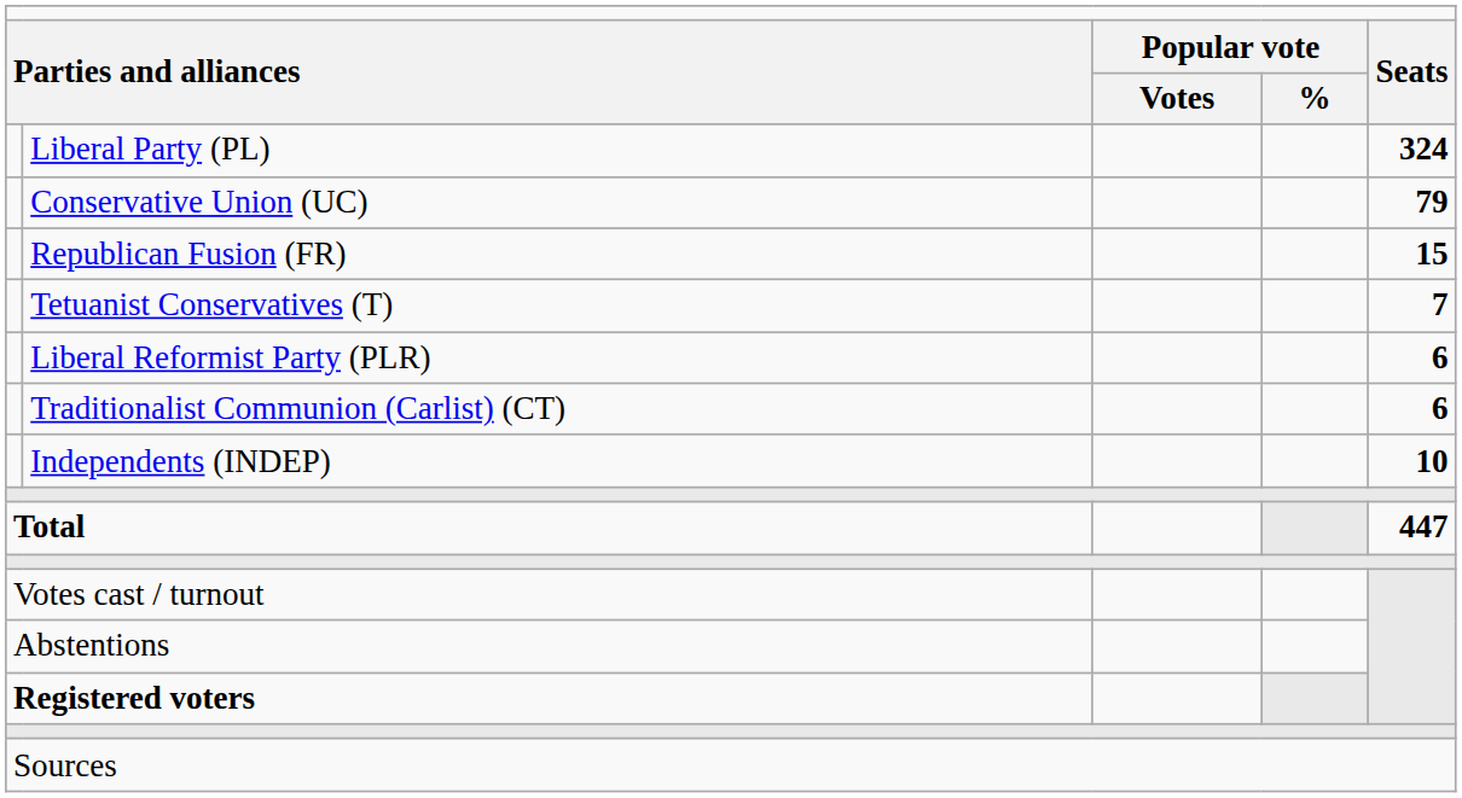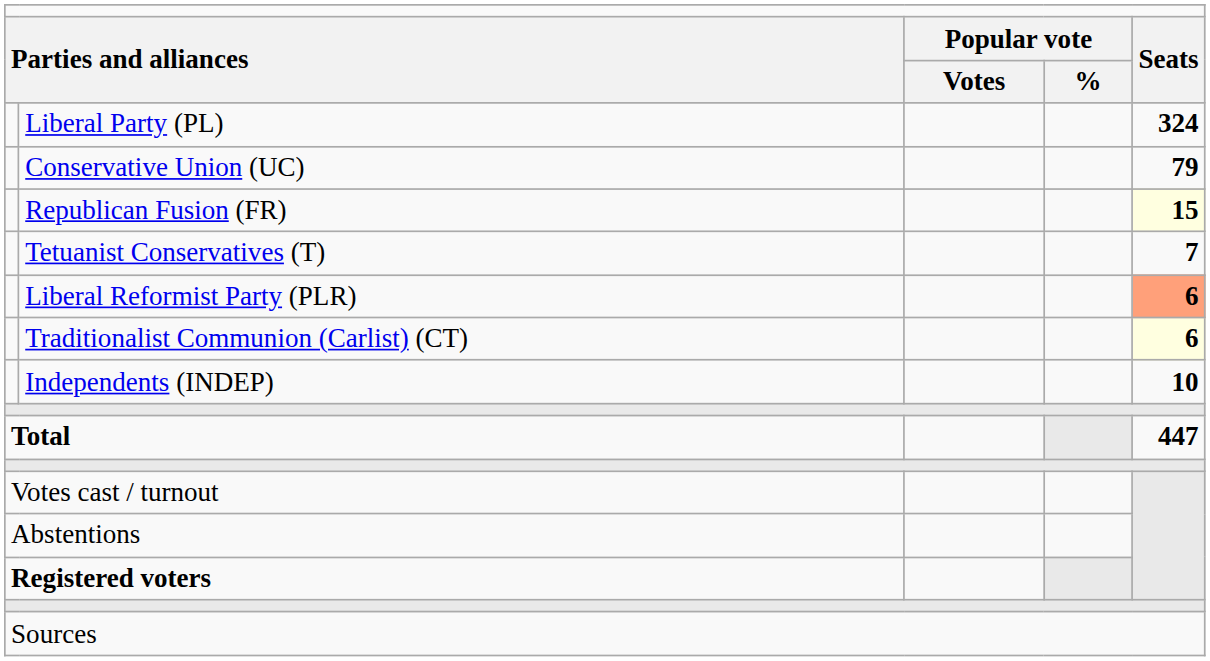 <table class="wikitable" style="text-align:right;">
 <tr>
 <td colspan="5"></td>
 </tr>
 <tr>
 <th style="text-align:left;" rowspan="2" colspan="2" width="525">Parties and alliances</th>
 <th colspan="2">Popular vote</th>
 <th rowspan="2" width="35">Seats</th>
 </tr>
 <tr>
 <th width="75">Votes</th>
 <th width="45">%</th>
 </tr>
 <tr>
 <td width="1" style="color:inherit;background:"></td>
 <td align="left"><a href='#'>Liberal Party</a> (PL)</td>
 <td></td>
 <td></td>
 <td><strong>324</strong></td>
 </tr>
 <tr>
 <td style="color:inherit;background:"></td>
 <td align="left"><a href='#'>Conservative Union</a> (UC)</td>
 <td></td>
 <td></td>
 <td><strong>79</strong></td>
 </tr>
 <tr>
 <td style="color:inherit;background:"></td>
 <td align="left"><a href='#'>Republican Fusion</a> (FR)</td>
 <td></td>
 <td></td>
-<td><strong>15</strong></td>
+<td style="background: lightyellow;"><strong>15</strong></td>
 </tr>
 <tr>
 <td style="color:inherit;background:"></td>
 <td align="left"><a href='#'>Tetuanist Conservatives</a> (T)</td>
 <td></td>
 <td></td>
 <td><strong>7</strong></td>
 </tr>
 <tr>
 <td style="color:inherit;background:"></td>
 <td align="left"><a href='#'>Liberal Reformist Party</a> (PLR)</td>
 <td></td>
 <td></td>
-<td><strong>6</strong></td>
+<td style="background: lightsalmon;"><strong>6</strong></td>
 </tr>
 <tr>
 <td style="color:inherit;background:"></td>
 <td align="left"><a href='#'>Traditionalist Communion (Carlist)</a> (CT)</td>
 <td></td>
 <td></td>
-<td><strong>6</strong></td>
+<td style="background: lightyellow;"><strong>6</strong></td>
 </tr>
 <tr>
 <td style="color:inherit;background:"></td>
 <td align="left"><a href='#'>Independents</a> (INDEP)</td>
 <td></td>
 <td></td>
 <td><strong>10</strong></td>
 </tr>
 <tr>
 <td colspan="5" bgcolor="#E9E9E9"></td>
 </tr>
 <tr style="font-weight:bold;">
 <td align="left" colspan="2">Total</td>
 <td></td>
 <td bgcolor="#E9E9E9"></td>
 <td>447</td>
 </tr>
 <tr>
 <td colspan="5" bgcolor="#E9E9E9"></td>
 </tr>
 <tr>
 <td align="left" colspan="2">Votes cast / turnout</td>
 <td></td>
 <td></td>
 <td bgcolor="#E9E9E9" rowspan="3"></td>
 </tr>
 <tr>
 <td align="left" colspan="2">Abstentions</td>
 <td></td>
 <td></td>
 </tr>
 <tr style="font-weight:bold;">
 <td align="left" colspan="2">Registered voters</td>
 <td></td>
 <td bgcolor="#E9E9E9"></td>
 </tr>
 <tr>
 <td colspan="5" bgcolor="#E9E9E9"></td>
 </tr>
 <tr>
 <td align="left" colspan="5">Sources</td>
 </tr>
 </table>
